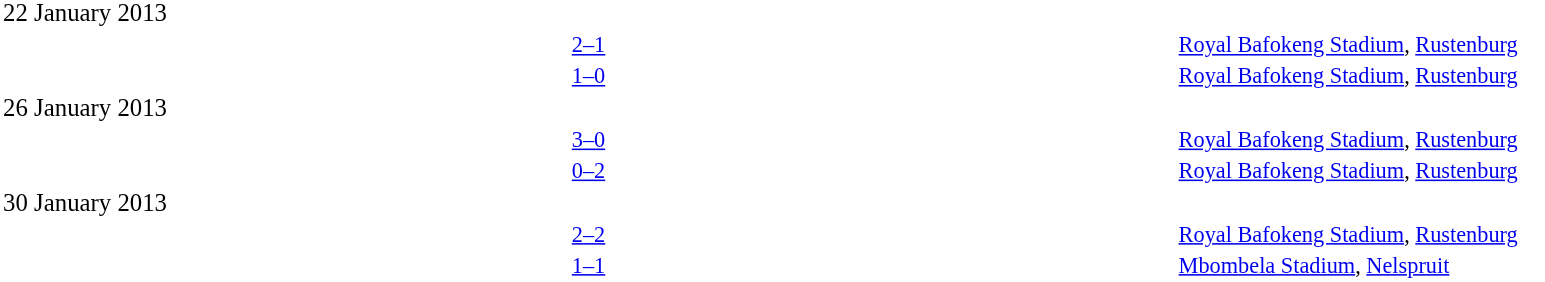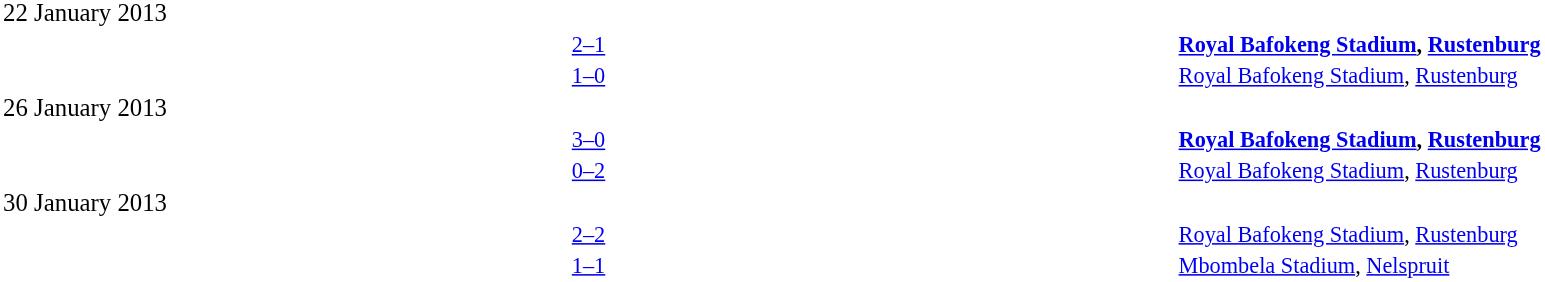 <table style="width:100%" cellspacing="1">
 <tr>
 <th width=25%></th>
 <th width=10%></th>
 <th width=25%></th>
 </tr>
 <tr>
 <td>22 January 2013</td>
 </tr>
 <tr style=font-size:90%>
 <td align=right></td>
 <td align=center><a href='#'>2–1</a></td>
 <td></td>
-<td><a href='#'>Royal Bafokeng Stadium</a>, <a href='#'>Rustenburg</a></td>
+<td><strong><a href='#'>Royal Bafokeng Stadium</a>, <a href='#'>Rustenburg</a></strong></td>
 </tr>
 <tr style=font-size:90%>
 <td align=right></td>
 <td align=center><a href='#'>1–0</a></td>
 <td></td>
 <td><a href='#'>Royal Bafokeng Stadium</a>, <a href='#'>Rustenburg</a></td>
 </tr>
 <tr>
 <td>26 January 2013</td>
 </tr>
 <tr style=font-size:90%>
 <td align=right></td>
 <td align=center><a href='#'>3–0</a></td>
 <td></td>
-<td><a href='#'>Royal Bafokeng Stadium</a>, <a href='#'>Rustenburg</a></td>
+<td><strong><a href='#'>Royal Bafokeng Stadium</a>, <a href='#'>Rustenburg</a></strong></td>
 </tr>
 <tr style=font-size:90%>
 <td align=right></td>
 <td align=center><a href='#'>0–2</a></td>
 <td></td>
 <td><a href='#'>Royal Bafokeng Stadium</a>, <a href='#'>Rustenburg</a></td>
 </tr>
 <tr>
 <td>30 January 2013</td>
 </tr>
 <tr style=font-size:90%>
 <td align=right></td>
 <td align=center><a href='#'>2–2</a></td>
 <td></td>
 <td><a href='#'>Royal Bafokeng Stadium</a>, <a href='#'>Rustenburg</a></td>
 </tr>
 <tr style=font-size:90%>
 <td align=right></td>
 <td align=center><a href='#'>1–1</a></td>
 <td></td>
 <td><a href='#'>Mbombela Stadium</a>, <a href='#'>Nelspruit</a></td>
 </tr>
 </table>
